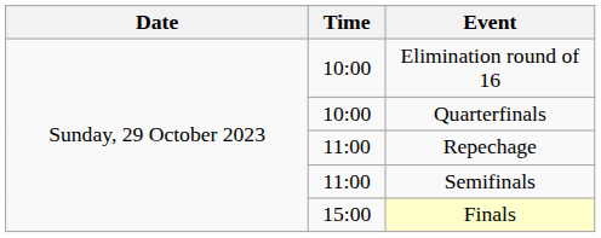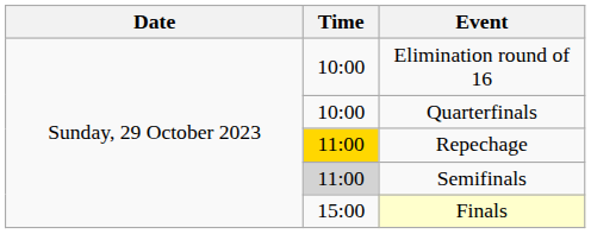 <table class = "wikitable" style="text-align:center;">
 <tr>
 <th width=220>Date</th>
 <th width=50>Time</th>
 <th width=150>Event</th>
 </tr>
 <tr>
 <td rowspan=5>Sunday, 29 October 2023</td>
 <td>10:00</td>
 <td>Elimination round of 16</td>
 </tr>
 <tr>
 <td>10:00</td>
 <td>Quarterfinals</td>
 </tr>
 <tr>
-<td>11:00</td>
+<td style="background: gold;">11:00</td>
 <td>Repechage</td>
 </tr>
 <tr>
-<td>11:00</td>
+<td style="background: lightgrey;">11:00</td>
 <td>Semifinals</td>
 </tr>
 <tr>
 <td>15:00</td>
 <td bgcolor=ffffcc>Finals</td>
 </tr>
 </table>
